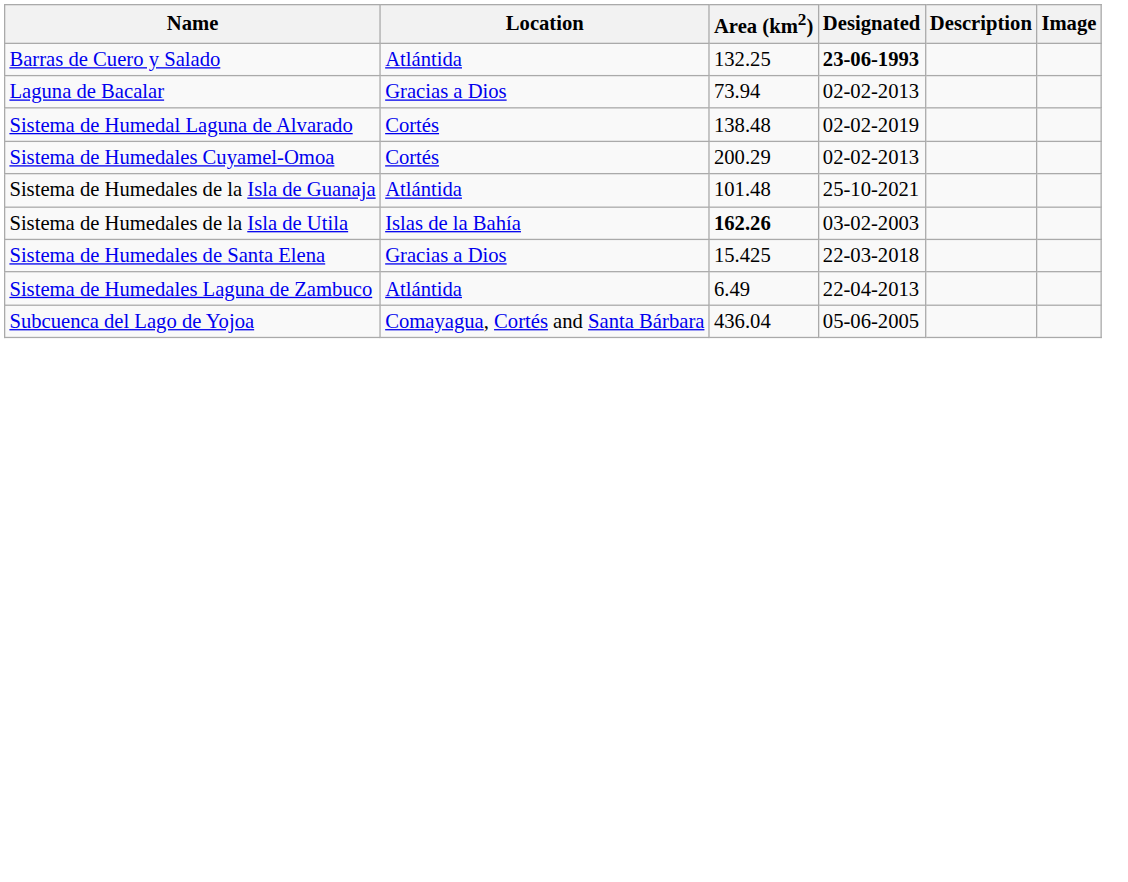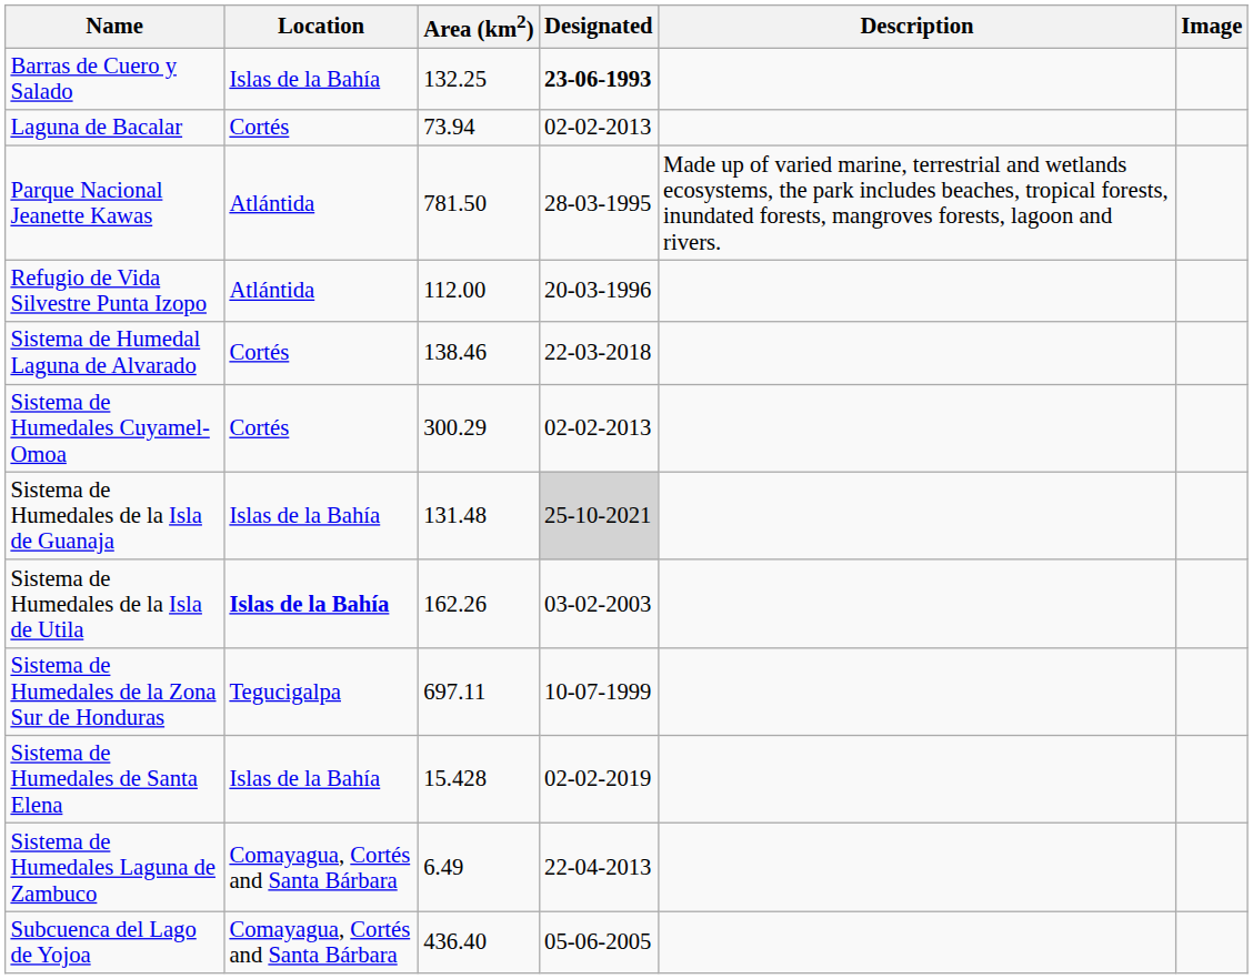 <table class="wikitable sortable">
 <tr>
 <th style="background-color:">Name</th>
 <th style="background-color:">Location</th>
 <th style="background-color:">Area (km<sup>2</sup>)</th>
 <th style="background-color:">Designated</th>
 <th style="background-color:">Description</th>
 <th style="background-color:">Image</th>
 </tr>
 <tr>
 <td><a href='#'>Barras de Cuero y Salado</a></td>
-<td><a href='#'>Atlántida</a></td>
+<td><a href='#'>Islas de la Bahía</a></td>
 <td>132.25</td>
 <td><strong>23-06-1993</strong></td>
 <td></td>
 <td></td>
 </tr>
 <tr>
 <td><a href='#'>Laguna de Bacalar</a></td>
-<td><a href='#'>Gracias a Dios</a></td>
+<td><a href='#'>Cortés</a></td>
 <td>73.94</td>
 <td>02-02-2013</td>
 <td></td>
 <td></td>
 </tr>
 <tr>
+<td><a href='#'>Parque Nacional Jeanette Kawas</a></td>
+<td><a href='#'>Atlántida</a><br><small></small></td>
+<td>781.50</td>
+<td>28-03-1995</td>
+<td>Made up of varied marine, terrestrial and wetlands ecosystems, the park includes beaches, tropical forests, inundated forests, mangroves forests, lagoon and rivers.</td>
+<td></td>
+</tr>
+<tr>
+<td><a href='#'>Refugio de Vida Silvestre Punta Izopo</a></td>
+<td><a href='#'>Atlántida</a><br><small></small></td>
+<td>112.00</td>
+<td>20-03-1996</td>
+<td></td>
+<td></td>
+</tr>
+<tr>
 <td><a href='#'>Sistema de Humedal Laguna de Alvarado</a></td>
 <td><a href='#'>Cortés</a></td>
-<td>138.48</td>
-<td>02-02-2019</td>
+<td>138.46</td>
+<td>22-03-2018</td>
 <td></td>
 <td></td>
 </tr>
 <tr>
 <td><a href='#'>Sistema de Humedales Cuyamel-Omoa</a></td>
 <td><a href='#'>Cortés</a></td>
-<td>200.29</td>
+<td>300.29</td>
 <td>02-02-2013</td>
 <td></td>
 <td></td>
 </tr>
 <tr>
 <td>Sistema de Humedales de la <a href='#'>Isla de Guanaja</a></td>
-<td><a href='#'>Atlántida</a><br><small></small></td>
-<td>101.48</td>
-<td>25-10-2021</td>
+<td><a href='#'>Islas de la Bahía</a></td>
+<td>131.48</td>
+<td style="background: lightgrey;">25-10-2021</td>
 <td></td>
 <td></td>
 </tr>
 <tr>
 <td>Sistema de Humedales de la <a href='#'>Isla de Utila</a></td>
-<td><a href='#'>Islas de la Bahía</a></td>
-<td><strong>162.26</strong></td>
+<td><strong><a href='#'>Islas de la Bahía</a></strong></td>
+<td>162.26</td>
 <td>03-02-2003</td>
 <td></td>
 <td></td>
 </tr>
 <tr>
+<td><a href='#'>Sistema de Humedales de la Zona Sur de Honduras</a></td>
+<td><a href='#'>Tegucigalpa</a></td>
+<td>697.11</td>
+<td>10-07-1999</td>
+<td></td>
+<td></td>
+</tr>
+<tr>
 <td><a href='#'>Sistema de Humedales de Santa Elena</a></td>
-<td><a href='#'>Gracias a Dios</a></td>
-<td>15.425</td>
-<td>22-03-2018</td>
+<td><a href='#'>Islas de la Bahía</a></td>
+<td>15.428</td>
+<td>02-02-2019</td>
 <td></td>
 <td></td>
 </tr>
 <tr>
 <td><a href='#'>Sistema de Humedales Laguna de Zambuco</a></td>
-<td><a href='#'>Atlántida</a></td>
+<td><a href='#'>Comayagua</a>, <a href='#'>Cortés</a> and <a href='#'>Santa Bárbara</a><br><small></small></td>
 <td>6.49</td>
 <td>22-04-2013</td>
 <td></td>
 <td></td>
 </tr>
 <tr>
 <td><a href='#'>Subcuenca del Lago de Yojoa</a></td>
 <td><a href='#'>Comayagua</a>, <a href='#'>Cortés</a> and <a href='#'>Santa Bárbara</a><br><small></small></td>
-<td>436.04</td>
+<td>436.40</td>
 <td>05-06-2005</td>
 <td></td>
 <td></td>
 </tr>
 </table>
